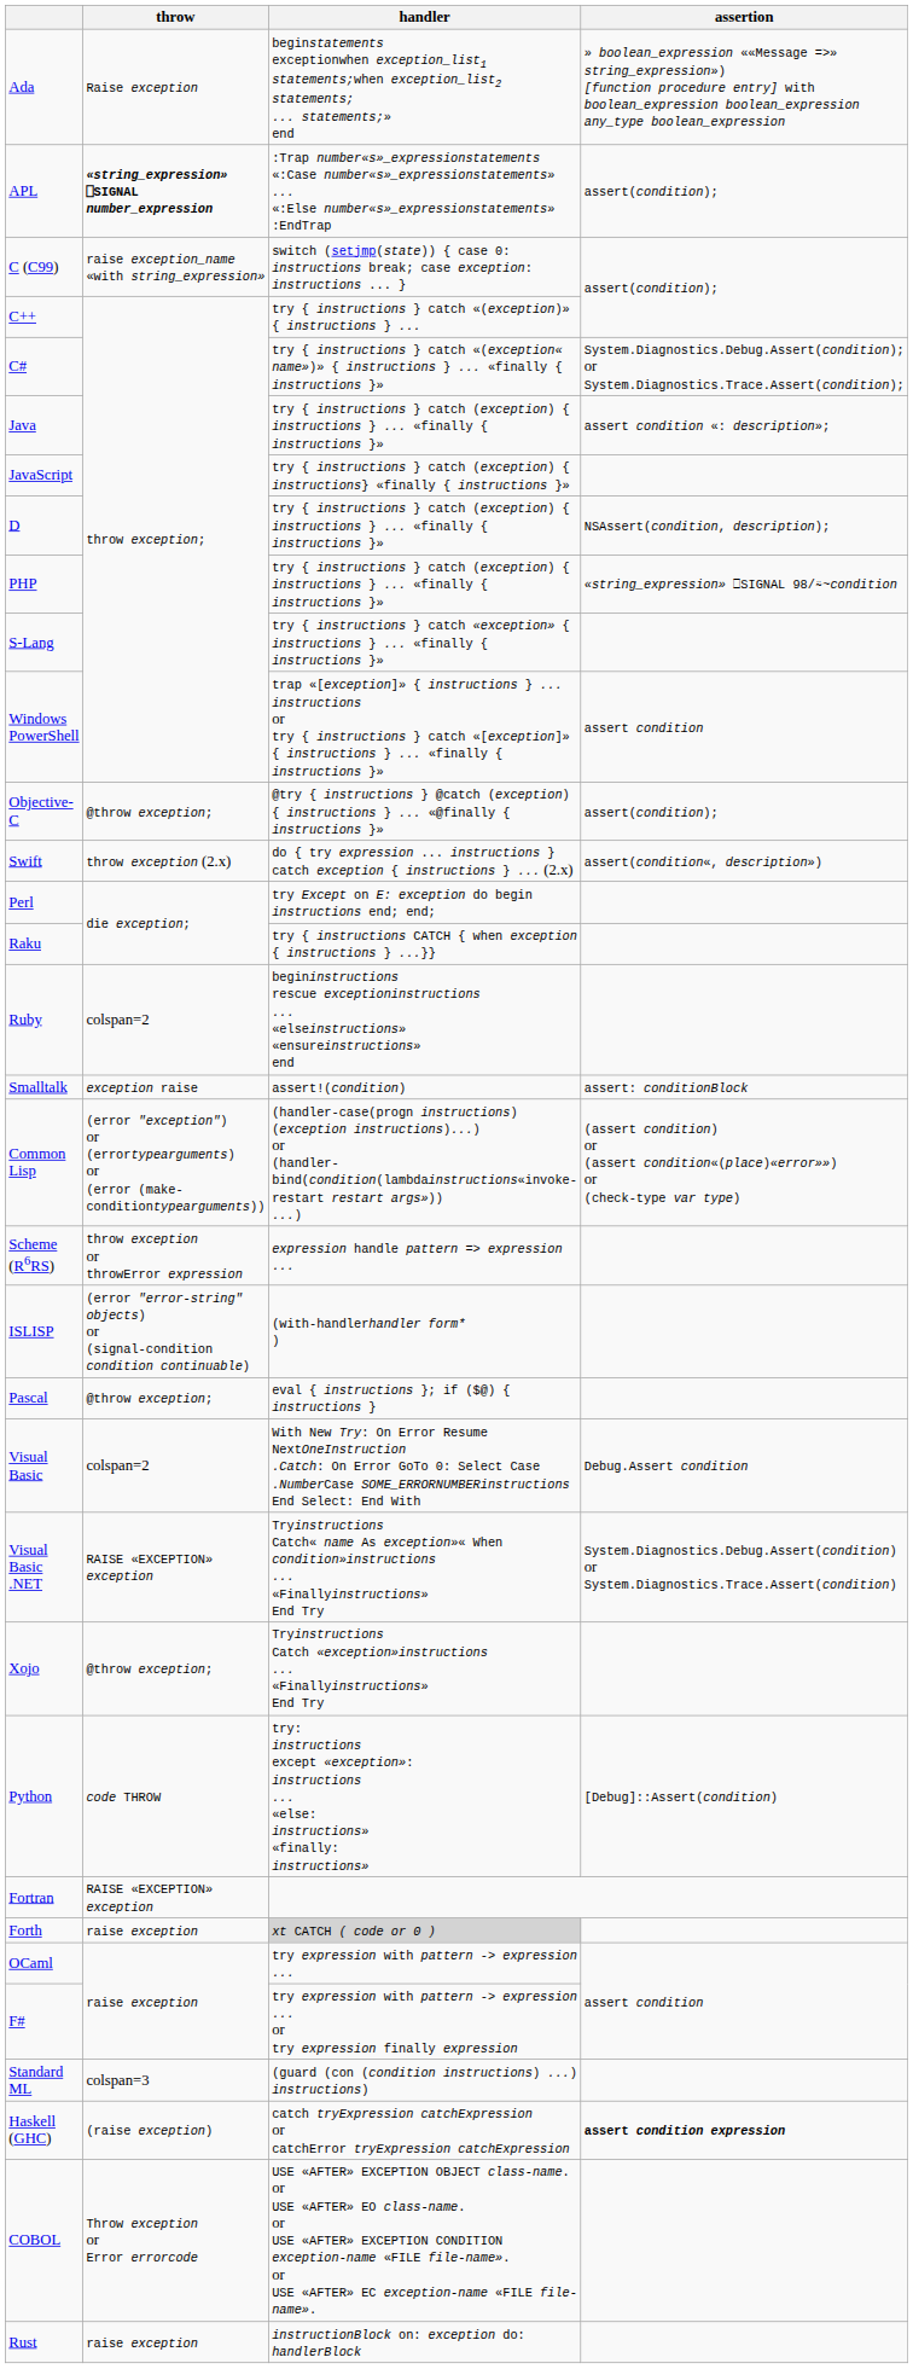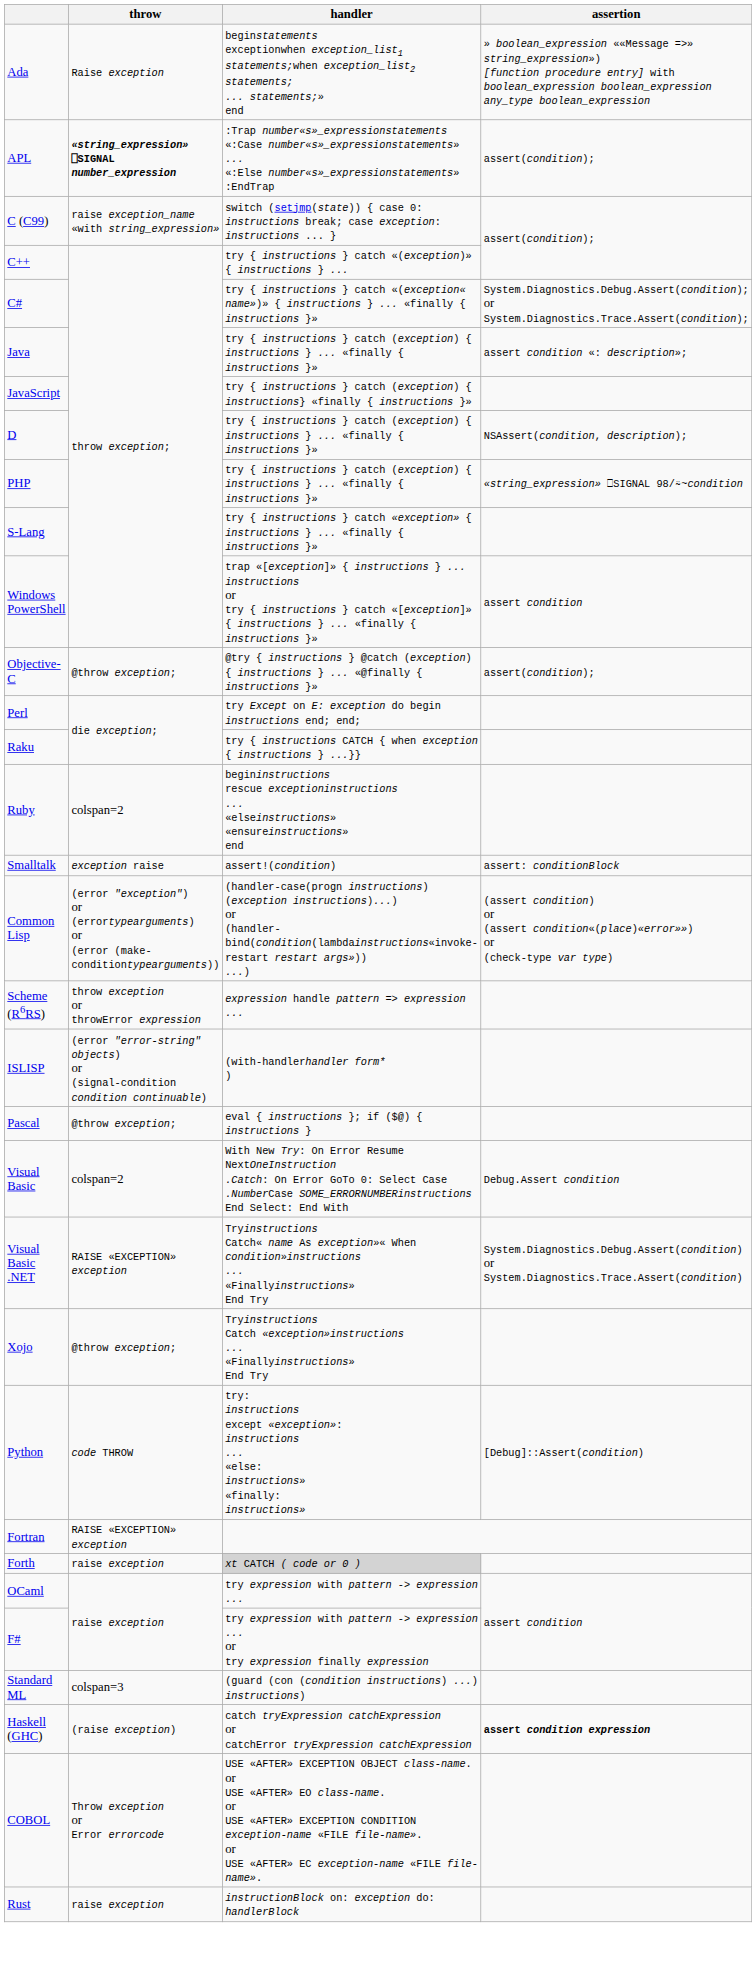 <table class="wikitable sortable">
 <tr>
 <th></th>
 <th>throw</th>
 <th>handler</th>
 <th>assertion</th>
 </tr>
 <tr>
 <td><a href='#'>Ada</a></td>
 <td><code>Raise <em>exception</em></code></td>
 <td><code>begin<em>statements</em><br>exceptionwhen <em>exception_list<sub>1</sub></em> <em>statements;</em>when <em>exception_list<sub>2</sub></em> <em>statements;</em><br><em>...</em> <em>statements;</em>»<br>end</code></td>
 <td><code>» <em>boolean_expression</em> ««Message =>» <em>string_expression</em>»)<br><em>[function  procedure  entry]</em> with <em>boolean_expression</em> <em>boolean_expression</em><br><em>any_type</em> <em>boolean_expression</em></code></td>
 </tr>
 <tr>
 <td><a href='#'>APL</a></td>
 <td><strong><code><em>«string_expression»</em> ⎕SIGNAL <em>number_expression</em></code></strong></td>
 <td><code>:Trap <em>number«s»_expression</em><em>statements</em><br>«:Case <em>number«s»_expression</em><em>statements</em>»<br><em>...</em><br>«:Else <em>number«s»_expression</em><em>statements</em>»<br>:EndTrap</code></td>
 <td><code>assert(<em>condition</em>);</code></td>
 </tr>
 <tr>
 <td><a href='#'>C</a> (<a href='#'>C99</a>)</td>
 <td><code>raise <em>exception_name</em> «with <em>string_expression»</em></code></td>
 <td><code>switch (<a href='#'>setjmp</a>(<em>state</em>)) { case 0: <em>instructions</em> break; case <em>exception</em>: <em>instructions</em> ... }</code></td>
 <td rowspan=2><code>assert(<em>condition</em>);</code></td>
 </tr>
 <tr>
 <td><a href='#'>C++</a></td>
 <td rowspan=8><code>throw <em>exception</em>;</code></td>
 <td><code>try { <em>instructions</em> } catch «(<em>exception</em>)» { <em>instructions</em> } <em>...</em></code></td>
 </tr>
 <tr>
 <td><a href='#'>C#</a></td>
 <td><code>try { <em>instructions</em> } catch «(<em>exception« name»</em>)» { <em>instructions</em> } <em>...</em> «finally { <em>instructions</em> }»</code></td>
 <td><code>System.Diagnostics.Debug.Assert(<em>condition</em>);</code><br>or<br><code>System.Diagnostics.Trace.Assert(<em>condition</em>);</code></td>
 </tr>
 <tr>
 <td><a href='#'>Java</a></td>
 <td><code>try { <em>instructions</em> } catch (<em>exception</em>) { <em>instructions</em> } <em>...</em> «finally { <em>instructions</em> }»</code></td>
 <td><code>assert <em>condition</em> «: <em>description</em>»;</code></td>
 </tr>
 <tr>
 <td><a href='#'>JavaScript</a></td>
 <td><code>try { <em>instructions</em> } catch (<em>exception</em>) { <em>instructions</em>} «finally { <em>instructions</em> }»</code></td>
 <td></td>
 </tr>
 <tr>
 <td><a href='#'>D</a></td>
 <td><code>try { <em>instructions</em> } catch (<em>exception</em>) { <em>instructions</em> } <em>...</em> «finally { <em>instructions</em> }»</code></td>
 <td><code>NSAssert(<em>condition</em>, <em>description</em>);</code></td>
 </tr>
 <tr>
 <td><a href='#'>PHP</a></td>
 <td><code>try { <em>instructions</em> } catch (<em>exception</em>) { <em>instructions</em> } <em>...</em> «finally { <em>instructions</em> }»</code></td>
 <td><code><em>«string_expression»</em> ⎕SIGNAL 98/⍨~<em>condition</em></code></td>
 </tr>
 <tr>
 <td><a href='#'>S-Lang</a></td>
 <td><code>try { <em>instructions</em> } catch <em>«exception»</em> { <em>instructions</em> } <em>...</em> «finally { <em>instructions</em> }»</code></td>
 <td></td>
 </tr>
 <tr>
 <td><a href='#'>Windows PowerShell</a></td>
 <td><code>trap «[<em>exception</em>]» { <em>instructions</em> } <em>... instructions</em></code><br>or<br><code>try { <em>instructions</em> } catch «[<em>exception</em>]» { <em>instructions</em> } <em>...</em> «finally { <em>instructions</em> }»</code></td>
 <td><code>assert <em>condition</em></code></td>
 </tr>
 <tr>
 <td><a href='#'>Objective-C</a></td>
 <td><code>@throw <em>exception</em>;</code></td>
 <td><code>@try { <em>instructions</em> } @catch (<em>exception</em>) { <em>instructions</em> } <em>...</em> «@finally { <em>instructions</em> }»</code></td>
 <td><code>assert(<em>condition</em>);</code></td>
-</tr>
-<tr>
-<td><a href='#'>Swift</a></td>
-<td><code>throw <em>exception</em></code> (2.x)</td>
-<td><code>do { try <em>expression</em> ... <em>instructions</em> } catch <em>exception</em> { <em>instructions</em> } <em>...</em></code> (2.x)</td>
-<td><code>assert(<em>condition</em>«, <em>description</em>»)</code></td>
 </tr>
 <tr>
 <td><a href='#'>Perl</a></td>
 <td rowspan=2><code>die <em>exception</em>;</code></td>
 <td><code>try <em>Except</em> on <em>E: exception</em> do begin <em>instructions</em>  end; end;</code></td>
 <td></td>
 </tr>
 <tr>
 <td><a href='#'>Raku</a></td>
 <td><code>try { <em>instructions</em> CATCH { when <em>exception</em> { <em>instructions</em> } <em>...</em>}}</code></td>
 <td></td>
 </tr>
 <tr>
 <td><a href='#'>Ruby</a></td>
 <td>colspan=2 </td>
 <td><code>begin<em>instructions</em><br>rescue <em>exception</em><em>instructions</em><br><em>...</em><br>«else<em>instructions</em>»<br>«ensure<em>instructions</em>»<br>end</code></td>
 <td></td>
 </tr>
 <tr>
 <td><a href='#'>Smalltalk</a></td>
 <td><code><em>exception</em> raise</code></td>
 <td><code>assert!(<em>condition</em>)</code></td>
 <td><code>assert: <em>conditionBlock</em></code></td>
 </tr>
 <tr>
 <td><a href='#'>Common Lisp</a></td>
 <td><code>(error <em>"exception"</em>)</code><br>or<br><code>(error<em>type</em><em>arguments</em>)</code><br>or<br><code>(error (make-condition<em>type</em><em>arguments</em>))</code></td>
 <td><code>(handler-case(progn <em>instructions</em>)(<em>exception instructions</em>)<em>...</em>)</code><br>or<br><code>(handler-bind(<em>condition</em>(lambda<em>instructions</em>«invoke-restart <em>restart args»</em>))<br><em>...</em>)</code></td>
 <td><code>(assert <em>condition</em>)</code><br>or<br><code>(assert <em>condition</em>«(<em>place</em>)<em>«error»»</em>)</code><br>or<br><code>(check-type <em>var type</em>)</code></td>
 </tr>
 <tr>
 <td><a href='#'>Scheme</a> (<a href='#'>R<sup>6</sup>RS</a>)</td>
 <td><code>throw <em>exception</em></code><br>or<br><code>throwError <em>expression</em></code></td>
 <td><code><em>expression</em> handle <em>pattern</em> => <em>expression ...</em></code></td>
 <td></td>
 </tr>
 <tr>
 <td><a href='#'>ISLISP</a></td>
 <td><code>(error <em>"error-string" objects</em>)</code><br>or<br><code>(signal-condition <em>condition continuable</em>)</code></td>
 <td><code>(with-handler<em>handler form*</em><br>)</code></td>
 <td></td>
 </tr>
 <tr>
 <td><a href='#'>Pascal</a></td>
 <td><code>@throw <em>exception</em>;</code></td>
 <td><code>eval { <em>instructions</em> }; if ($@) { <em>instructions</em> }</code></td>
 <td></td>
 </tr>
 <tr>
 <td><a href='#'>Visual Basic</a></td>
 <td>colspan=2 </td>
 <td><code>With New <em>Try</em>: On Error Resume Next<em>OneInstruction<br>.Catch</em>: On Error GoTo 0: Select Case <em>.Number</em>Case <em>SOME_ERRORNUMBER</em><em>instructions</em><br>End Select: End With</code></td>
 <td><code>Debug.Assert <em>condition</em></code></td>
 </tr>
 <tr>
 <td><a href='#'>Visual Basic .NET</a></td>
 <td><code>RAISE «EXCEPTION» <em>exception</em></code></td>
 <td><code>Try<em>instructions</em><br>Catch« <em>name</em> As <em>exception</em>»« When <em>condition</em>»<em>instructions</em><br><em>...</em><br>«Finally<em>instructions</em>»<br>End Try</code></td>
 <td><code>System.Diagnostics.</code><code>Debug.Assert(<em>condition</em>)</code><br>or<br><code>System.Diagnostics.Trace.Assert(<em>condition</em>)</code></td>
 </tr>
 <tr>
 <td><a href='#'>Xojo</a></td>
 <td><code>@throw <em>exception</em>;</code></td>
 <td><code>Try<em>instructions</em><br>Catch <em>«exception»</em><em>instructions</em><br><em>...</em><br>«Finally<em>instructions</em>»<br>End Try</code></td>
 <td></td>
 </tr>
 <tr>
 <td><a href='#'>Python</a></td>
 <td><code><em>code</em> THROW</code></td>
 <td><code>try:<br><em>instructions</em><br>except <em>«exception»</em>:<br><em>instructions</em><br><em>...</em><br>«else:<br><em>instructions</em>»<br>«finally:<br><em>instructions»</em></code></td>
 <td><code>[Debug]::Assert(<em>condition</em>)</code></td>
 </tr>
 <tr>
 <td><a href='#'>Fortran</a></td>
 <td><code>RAISE «EXCEPTION» <em>exception</em></code></td>
 </tr>
 <tr>
 <td><a href='#'>Forth</a></td>
 <td><code>raise <em>exception</em></code></td>
 <td style="background: lightgrey;"><code><em>xt</em> CATCH <em>( code or 0 )</em></code></td>
 <td></td>
 </tr>
 <tr>
 <td><a href='#'>OCaml</a></td>
 <td rowspan=2><code>raise <em>exception</em></code></td>
 <td><code>try <em>expression</em> with <em>pattern</em> -> <em>expression ...</em></code></td>
 <td rowspan=2><code>assert <em>condition</em></code></td>
 </tr>
 <tr>
 <td><a href='#'>F#</a></td>
 <td><code>try <em>expression</em> with <em>pattern</em> -> <em>expression ...</em></code><br>or<br><code>try <em>expression</em> finally <em>expression</em></code></td>
 </tr>
 <tr>
 <td><a href='#'>Standard ML</a></td>
 <td>colspan=3 </td>
 <td><code>(guard (con (<em>condition instructions</em>) <em>...</em>) <em>instructions</em>)</code></td>
 <td></td>
 </tr>
 <tr>
 <td><a href='#'>Haskell</a> (<a href='#'>GHC</a>)</td>
 <td><code>(raise <em>exception</em>)</code></td>
 <td><code>catch <em>tryExpression catchExpression</em></code><br>or<br><code>catchError <em>tryExpression catchExpression</em></code></td>
 <td><strong><code>assert <em>condition expression</em></code></strong></td>
 </tr>
 <tr>
 <td><a href='#'>COBOL</a></td>
 <td><code>Throw <em>exception</em></code><br>or<br><code>Error <em>errorcode</em></code></td>
 <td><code>USE «AFTER» EXCEPTION OBJECT <em>class-name</em>.</code><br>or<br><code>USE «AFTER» EO <em>class-name</em>.</code><br>or<br><code>USE «AFTER» EXCEPTION CONDITION <em>exception-name</em> «FILE <em>file-name»</em>.</code><br>or<br><code>USE «AFTER» EC <em>exception-name</em> «FILE <em>file-name»</em>.</code></td>
 <td></td>
 </tr>
 <tr>
 <td><a href='#'>Rust</a></td>
 <td><code>raise <em>exception</em></code></td>
 <td><code><em>instructionBlock</em> on: <em>exception</em> do: <em>handlerBlock</em></code></td>
 </tr>
 </table>
